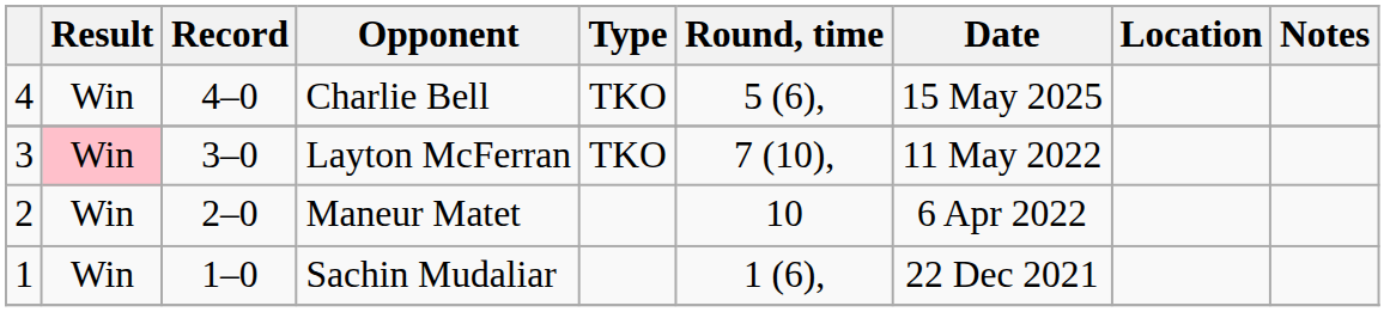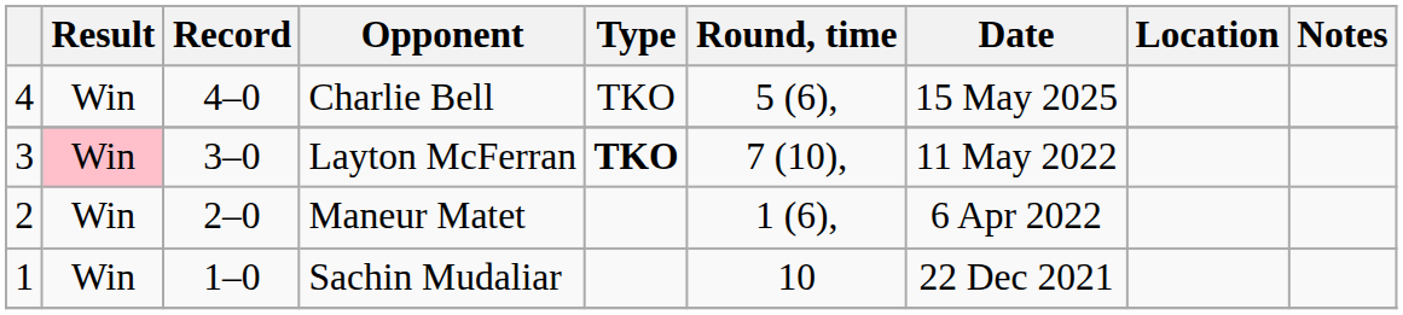 <table class="wikitable" style="text-align:center">
 <tr>
 <th></th>
 <th>Result</th>
 <th>Record</th>
 <th>Opponent</th>
 <th>Type</th>
 <th>Round, time</th>
 <th>Date</th>
 <th>Location</th>
 <th>Notes</th>
 </tr>
 <tr>
 <td>4</td>
 <td>Win</td>
 <td>4–0</td>
 <td style="text-align:left;">Charlie Bell</td>
 <td>TKO</td>
 <td>5 (6), </td>
 <td>15 May 2025</td>
 <td style="text-align:left;"></td>
 <td></td>
 </tr>
 <tr>
 </tr>
 <tr>
 <td>3</td>
 <td style="background: pink;">Win</td>
 <td>3–0</td>
 <td style="text-align:left;">Layton McFerran</td>
-<td>TKO</td>
+<td><strong>TKO</strong></td>
 <td>7 (10), </td>
 <td>11 May 2022</td>
 <td style="text-align:left;"></td>
 <td style="text-align:left;"></td>
 </tr>
 <tr>
 <td>2</td>
 <td>Win</td>
 <td>2–0</td>
 <td style="text-align:left">Maneur Matet</td>
 <td></td>
-<td>10</td>
+<td>1 (6), </td>
 <td>6 Apr 2022</td>
 <td style="text-align:left;"></td>
 <td style="text-align:left;"></td>
 </tr>
 <tr>
 <td>1</td>
 <td>Win</td>
 <td>1–0</td>
 <td style="text-align:left;">Sachin Mudaliar</td>
 <td></td>
-<td>1 (6), </td>
+<td>10</td>
 <td>22 Dec 2021</td>
 <td style="text-align:left;"></td>
 <td></td>
 </tr>
 <tr>
 </tr>
 </table>
